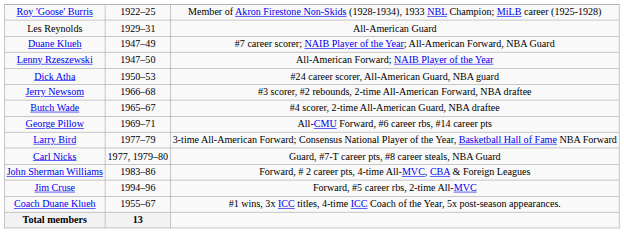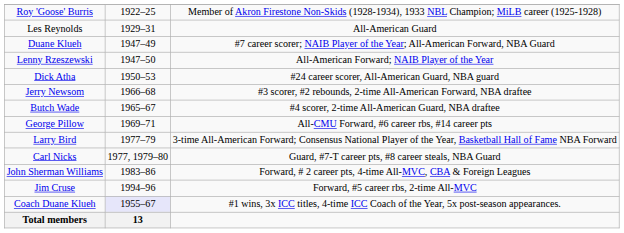 <table class="wikitable" style="text-align:center">
 <tr>
 </tr>
 <tr>
 <td><a href='#'>Roy 'Goose' Burris</a></td>
 <td>1922–25</td>
 <td>Member of <a href='#'>Akron Firestone Non-Skids</a> (1928-1934), 1933 <a href='#'>NBL</a> Champion; <a href='#'>MiLB</a> career (1925-1928)</td>
 </tr>
 <tr>
 <td>Les Reynolds</td>
 <td>1929–31</td>
 <td>All-American Guard</td>
 </tr>
 <tr>
 <td><a href='#'>Duane Klueh</a></td>
 <td>1947–49</td>
 <td>#7 career scorer; <a href='#'>NAIB Player of the Year</a>; All-American Forward, NBA Guard</td>
 </tr>
 <tr>
 <td><a href='#'>Lenny Rzeszewski</a></td>
 <td>1947–50</td>
 <td>All-American Forward; <a href='#'>NAIB Player of the Year</a></td>
 </tr>
 <tr>
 <td><a href='#'>Dick Atha</a></td>
 <td>1950–53</td>
 <td>#24 career scorer, All-American Guard, NBA guard</td>
 </tr>
 <tr>
 <td><a href='#'>Jerry Newsom</a></td>
 <td>1966–68</td>
 <td>#3 scorer, #2 rebounds, 2-time All-American Forward, NBA draftee</td>
 </tr>
 <tr>
 <td><a href='#'>Butch Wade</a></td>
 <td>1965–67</td>
 <td>#4 scorer, 2-time All-American Guard, NBA draftee</td>
 </tr>
 <tr>
 <td><a href='#'>George Pillow</a></td>
 <td>1969–71</td>
 <td>All-<a href='#'>CMU</a> Forward, #6 career rbs, #14 career pts</td>
 </tr>
 <tr>
 <td><a href='#'>Larry Bird</a></td>
 <td>1977–79</td>
 <td>3-time All-American Forward; Consensus National Player of the Year, <a href='#'>Basketball Hall of Fame</a> NBA Forward</td>
 </tr>
 <tr>
 <td><a href='#'>Carl Nicks</a></td>
 <td>1977, 1979–80</td>
 <td>Guard, #7-T career pts, #8 career steals, NBA Guard</td>
 </tr>
 <tr>
 <td><a href='#'>John Sherman Williams</a></td>
 <td>1983–86</td>
 <td>Forward, # 2 career pts, 4-time All-<a href='#'>MVC</a>, <a href='#'>CBA</a> & Foreign Leagues</td>
 </tr>
 <tr>
 <td><a href='#'>Jim Cruse</a></td>
 <td>1994–96</td>
 <td>Forward, #5 career rbs, 2-time All-<a href='#'>MVC</a></td>
 </tr>
 <tr>
 <td><a href='#'>Coach Duane Klueh</a></td>
-<td>1955–67</td>
+<td style="background: lavender;">1955–67</td>
 <td>#1 wins, 3x <a href='#'>ICC</a> titles, 4-time <a href='#'>ICC</a> Coach of the Year, 5x post-season appearances.</td>
 </tr>
 <tr>
 <th>Total members</th>
 <th>13</th>
 </tr>
 </table>
